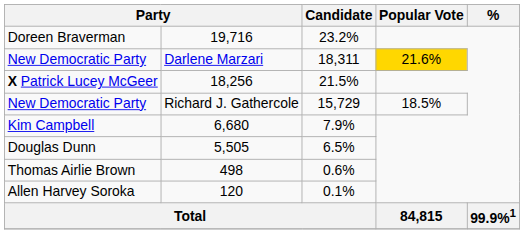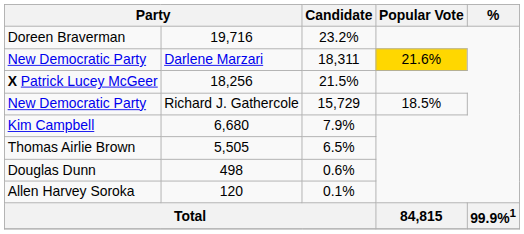 <table class="wikitable">
 <tr>
 <th colspan="2">Party</th>
 <th>Candidate</th>
 <th>Popular Vote</th>
 <th>%</th>
 </tr>
 <tr>
 <td>Doreen Braverman</td>
 <td align=center>19,716</td>
 <td align=center>23.2%</td>
 </tr>
 <tr>
 <td><a href='#'>New Democratic Party</a></td>
 <td> <a href='#'>Darlene Marzari</a></td>
 <td align=center>18,311</td>
 <td align=center style="background: gold;">21.6%</td>
 </tr>
 <tr>
 <td><strong>X</strong> <a href='#'>Patrick Lucey McGeer</a></td>
 <td align=center>18,256</td>
 <td align=center>21.5%</td>
 </tr>
 <tr>
 <td><a href='#'>New Democratic Party</a></td>
 <td>Richard J. Gathercole</td>
 <td align=center>15,729</td>
 <td align=center>18.5%</td>
 </tr>
 <tr>
 <td> <a href='#'>Kim Campbell</a></td>
 <td align=center>6,680</td>
 <td align=center>7.9%</td>
 </tr>
 <tr>
-<td>Douglas Dunn</td>
+<td>Thomas Airlie Brown</td>
 <td align=center>5,505</td>
 <td align=center>6.5%</td>
 </tr>
 <tr>
-<td>Thomas Airlie Brown</td>
+<td>Douglas Dunn</td>
 <td align=center>498</td>
 <td align=center>0.6%</td>
 </tr>
 <tr>
 <td>Allen Harvey Soroka</td>
 <td align=center>120</td>
 <td align=center>0.1%</td>
 </tr>
 <tr>
 <th colspan=3>Total</th>
 <th>84,815</th>
 <th>99.9%<sup>1</sup></th>
 </tr>
 <tr>
 </tr>
 </table>
